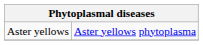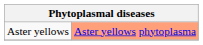 <table class="wikitable" style="clear">
 <tr>
 <th colspan=2><strong>Phytoplasmal diseases</strong><br></th>
 </tr>
 <tr>
 <td>Aster yellows</td>
-<td><a href='#'>Aster yellows</a> <a href='#'>phytoplasma</a></td>
+<td style="background: lightsalmon;"><a href='#'>Aster yellows</a> <a href='#'>phytoplasma</a></td>
 </tr>
 <tr>
 </tr>
 </table>
